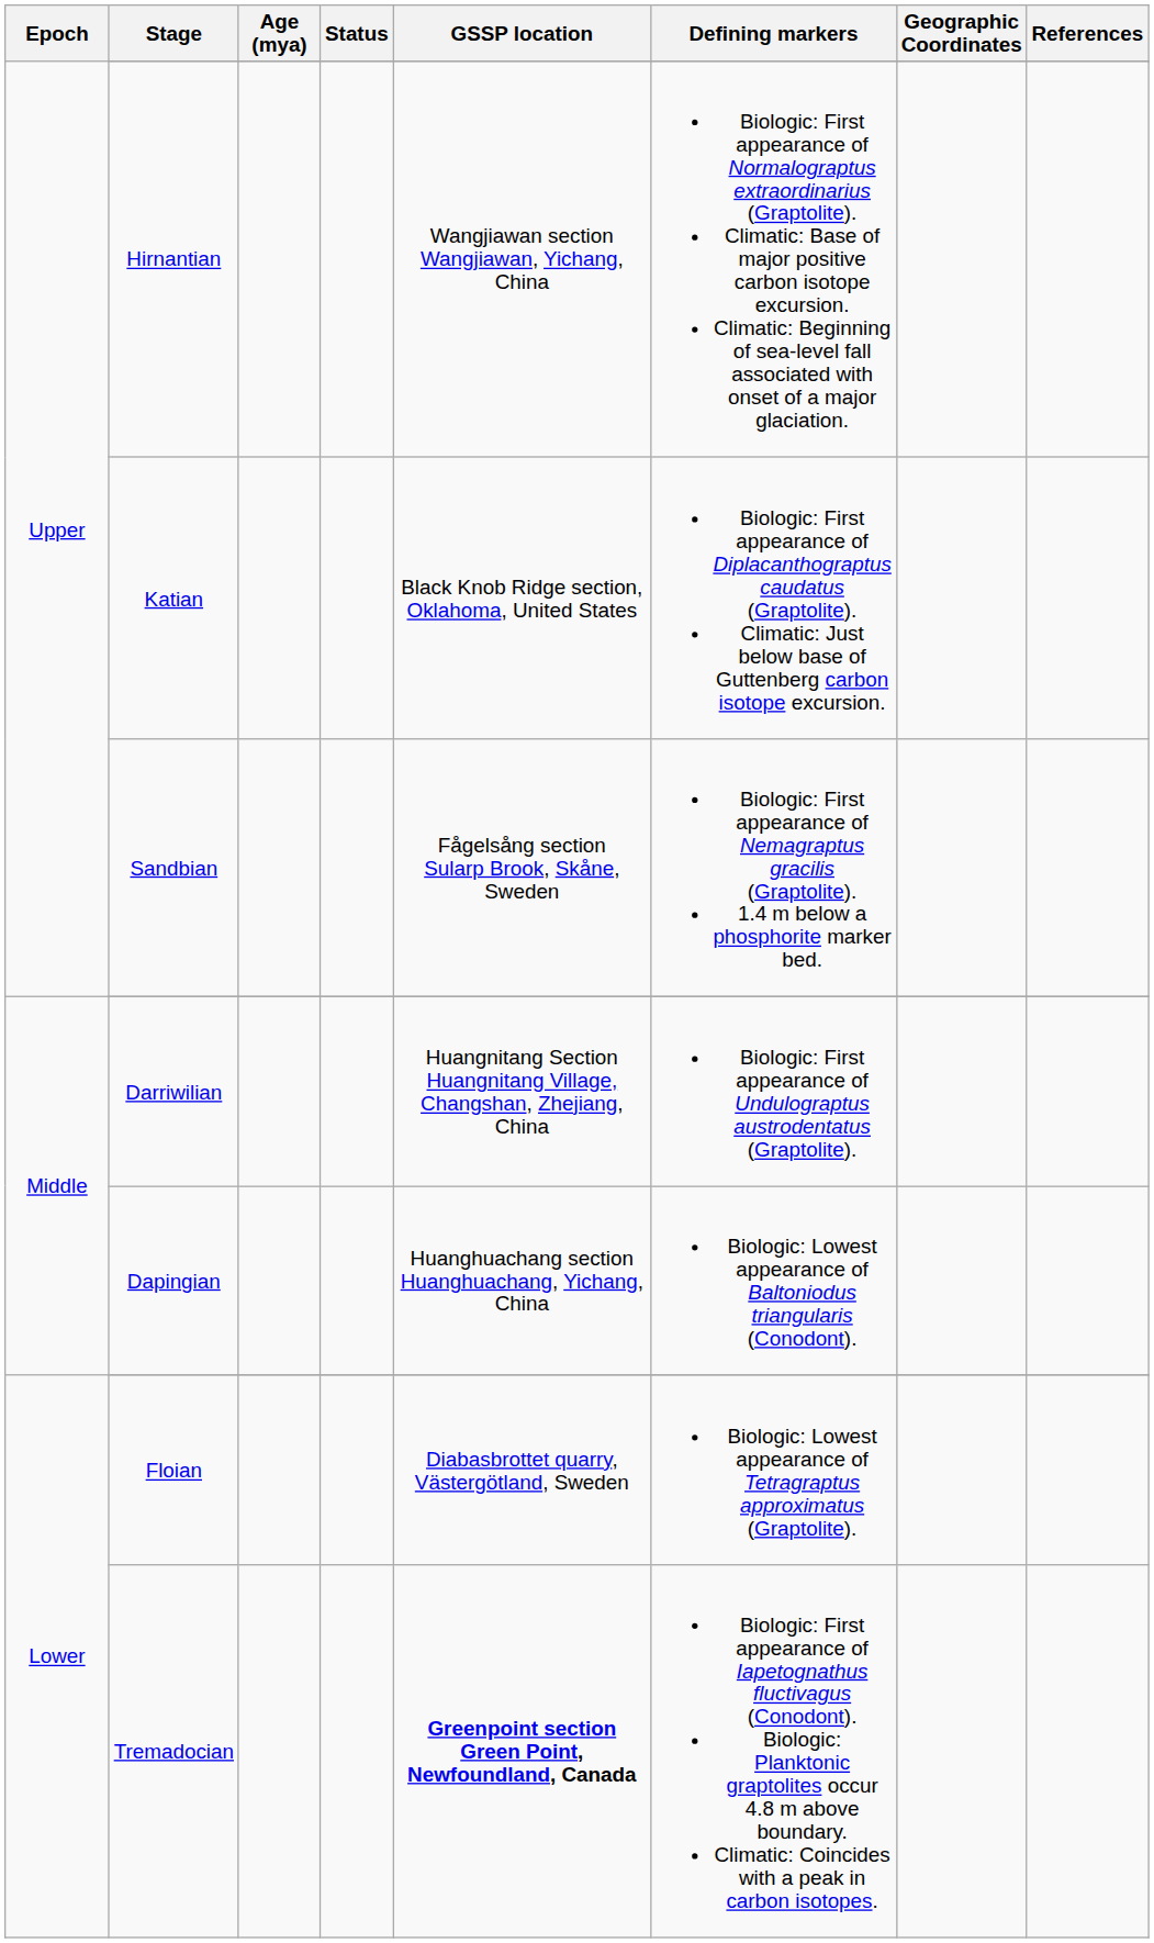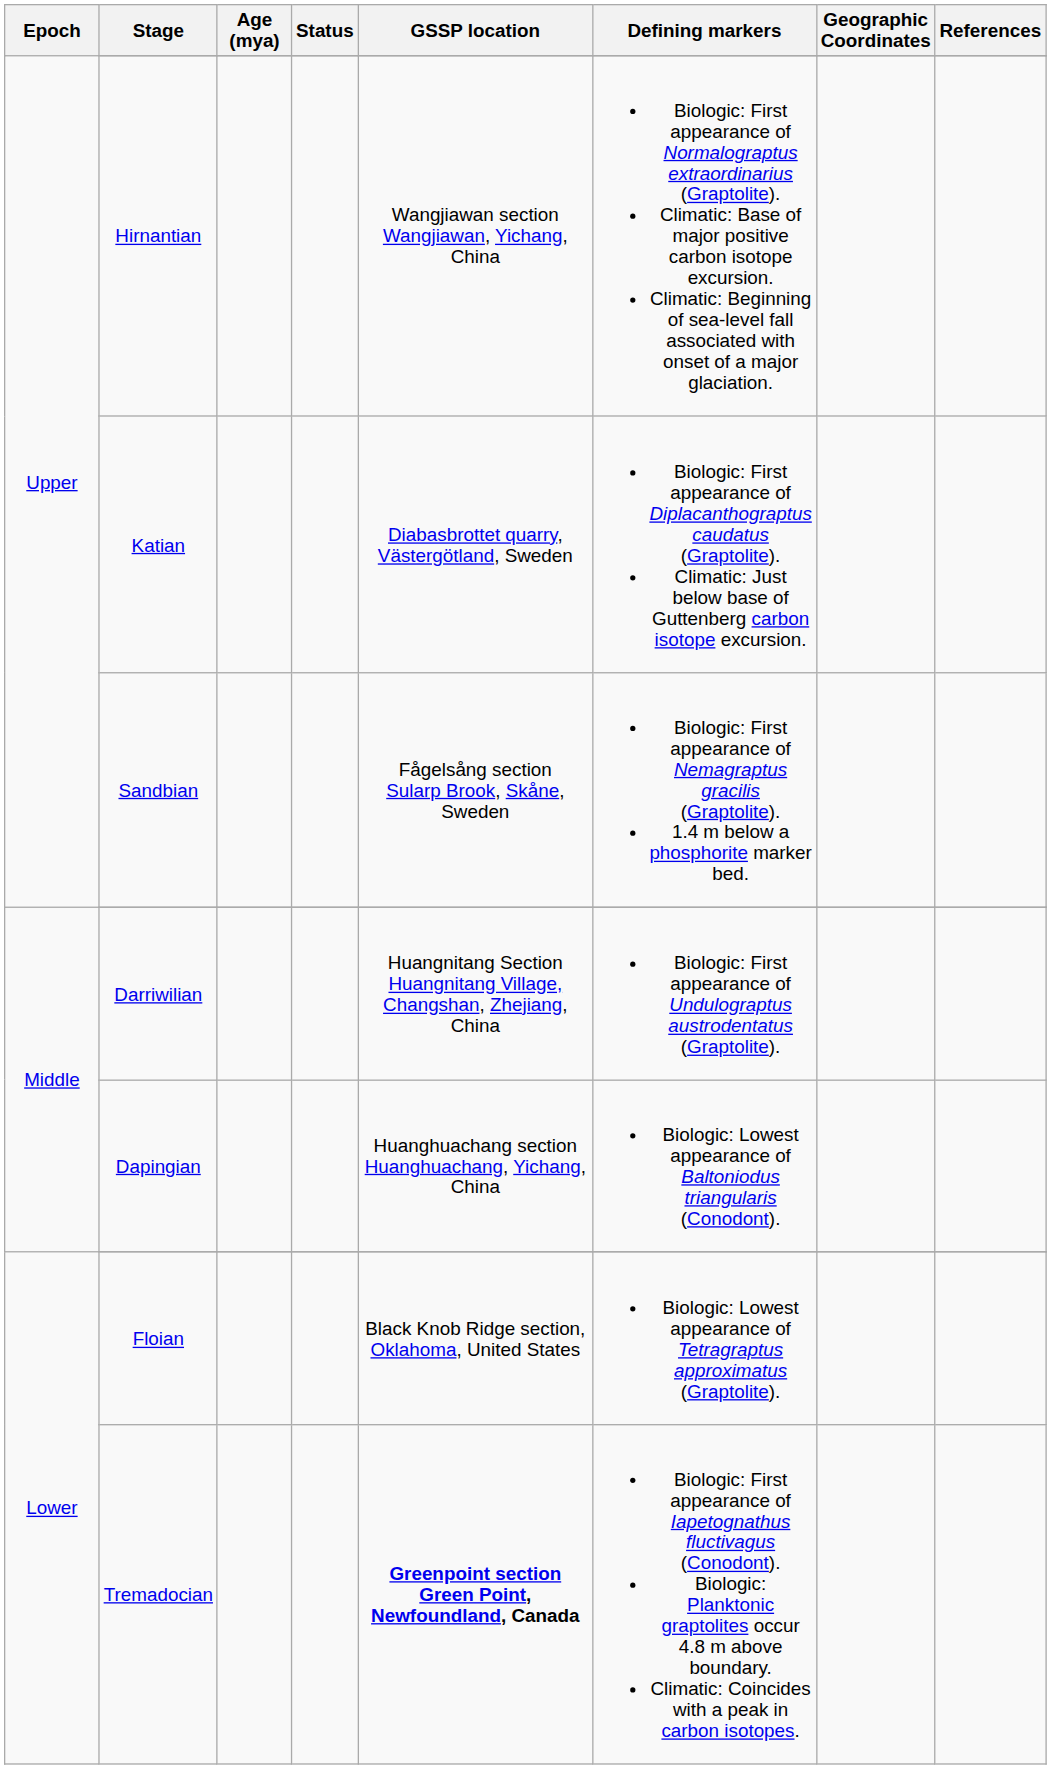 <table class="wikitable"  style="font-size:90%; width:90%; text-align:center;">
 <tr>
 <th style="width:75px;">Epoch</th>
 <th style="width:75px;">Stage</th>
 <th style="width:55px;">Age (mya)</th>
 <th style="width:15px;">Status</th>
 <th style="width:200px;">GSSP location</th>
 <th width="">Defining markers</th>
 <th width="">Geographic Coordinates</th>
 <th width="">References</th>
 </tr>
 <tr style="background:">
 <td rowspan="4"><a href='#'>Upper</a></td>
 </tr>
 <tr style="background:">
 <td><a href='#'>Hirnantian</a></td>
 <td></td>
 <td></td>
 <td>Wangjiawan section<br><a href='#'>Wangjiawan</a>, <a href='#'>Yichang</a>, China</td>
 <td><br><ul><li>Biologic: First appearance of <em><a href='#'>Normalograptus extraordinarius</a></em> (<a href='#'>Graptolite</a>).</li><li>Climatic: Base of major positive carbon isotope excursion.</li><li>Climatic: Beginning of sea-level fall associated with onset of a major glaciation.</li></ul></td>
 <td></td>
 <td></td>
 </tr>
 <tr style="background:">
 <td><a href='#'>Katian</a></td>
 <td></td>
 <td></td>
-<td>Black Knob Ridge section,<br><a href='#'>Oklahoma</a>, United States</td>
+<td><a href='#'>Diabasbrottet quarry</a>,<br><a href='#'>Västergötland</a>, Sweden</td>
 <td><br><ul><li>Biologic: First appearance of <em><a href='#'>Diplacanthograptus caudatus</a></em> (<a href='#'>Graptolite</a>).</li><li>Climatic: Just below base of Guttenberg <a href='#'>carbon isotope</a> excursion.</li></ul></td>
 <td></td>
 <td></td>
 </tr>
 <tr style="background:">
 <td><a href='#'>Sandbian</a></td>
 <td></td>
 <td></td>
 <td>Fågelsång section<br><a href='#'>Sularp Brook</a>, <a href='#'>Skåne</a>, Sweden</td>
 <td><br><ul><li>Biologic: First appearance of <em><a href='#'>Nemagraptus gracilis</a></em> (<a href='#'>Graptolite</a>).</li><li>1.4 m below a <a href='#'>phosphorite</a> marker bed.</li></ul></td>
 <td></td>
 <td></td>
 </tr>
 <tr style="background:">
 <td rowspan="3"><a href='#'>Middle</a></td>
 </tr>
 <tr style="background:">
 <td><a href='#'>Darriwilian</a></td>
 <td></td>
 <td></td>
 <td>Huangnitang Section<br><a href='#'>Huangnitang Village, Changshan</a>, <a href='#'>Zhejiang</a>, China</td>
 <td><br><ul><li>Biologic: First appearance of <em><a href='#'>Undulograptus austrodentatus</a></em> (<a href='#'>Graptolite</a>).</li></ul></td>
 <td></td>
 <td></td>
 </tr>
 <tr style="background:">
 <td><a href='#'>Dapingian</a></td>
 <td></td>
 <td></td>
 <td>Huanghuachang section<br><a href='#'>Huanghuachang</a>, <a href='#'>Yichang</a>, China</td>
 <td><br><ul><li>Biologic: Lowest appearance of <em><a href='#'>Baltoniodus triangularis</a></em> (<a href='#'>Conodont</a>).</li></ul></td>
 <td></td>
 <td></td>
 </tr>
 <tr style="background:">
 <td rowspan="3"><a href='#'>Lower</a></td>
 </tr>
 <tr style="background:">
 <td><a href='#'>Floian</a></td>
 <td></td>
 <td></td>
-<td><a href='#'>Diabasbrottet quarry</a>,<br><a href='#'>Västergötland</a>, Sweden</td>
+<td>Black Knob Ridge section,<br><a href='#'>Oklahoma</a>, United States</td>
 <td><br><ul><li>Biologic: Lowest appearance of <em><a href='#'>Tetragraptus approximatus</a></em> (<a href='#'>Graptolite</a>).</li></ul></td>
 <td></td>
 <td></td>
 </tr>
 <tr style="background:">
 <td><a href='#'>Tremadocian</a></td>
 <td></td>
 <td></td>
 <td><strong><a href='#'>Greenpoint section</a><br><a href='#'>Green Point</a>, <a href='#'>Newfoundland</a>, Canada</strong></td>
 <td><br><ul><li>Biologic: First appearance of <em><a href='#'>Iapetognathus fluctivagus</a></em> (<a href='#'>Conodont</a>).</li><li>Biologic: <a href='#'>Planktonic</a> <a href='#'>graptolites</a> occur 4.8 m above boundary.</li><li>Climatic: Coincides with a peak in <a href='#'>carbon isotopes</a>.</li></ul></td>
 <td></td>
 <td></td>
 </tr>
 </table>
